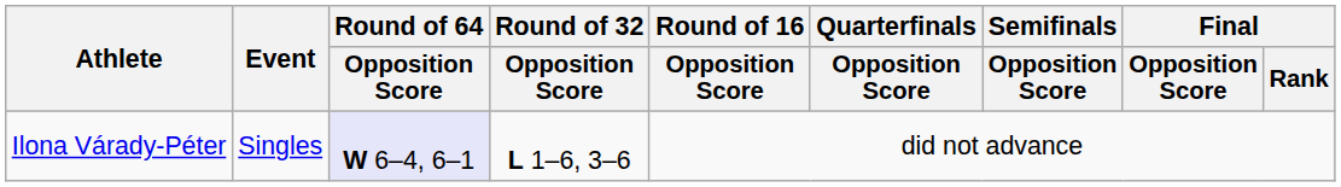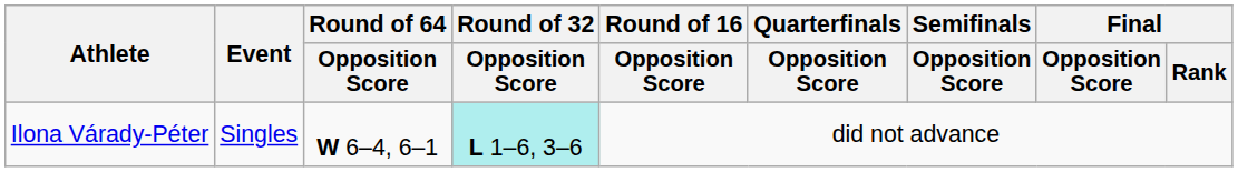 <table class=wikitable style="font-size:90%">
 <tr>
 <th rowspan=2>Athlete</th>
 <th rowspan=2>Event</th>
 <th>Round of 64</th>
 <th>Round of 32</th>
 <th>Round of 16</th>
 <th>Quarterfinals</th>
 <th>Semifinals</th>
 <th colspan=2>Final</th>
 </tr>
 <tr style="font-size:95%">
 <th>Opposition<br>Score</th>
 <th>Opposition<br>Score</th>
 <th>Opposition<br>Score</th>
 <th>Opposition<br>Score</th>
 <th>Opposition<br>Score</th>
 <th>Opposition<br>Score</th>
 <th>Rank</th>
 </tr>
 <tr align=center>
 <td align=left><a href='#'>Ilona Várady-Péter</a></td>
 <td align=left><a href='#'>Singles</a></td>
-<td style="background: lavender;"><br> <strong>W</strong> 6–4, 6–1</td>
-<td><br> <strong>L</strong> 1–6, 3–6</td>
+<td><br> <strong>W</strong> 6–4, 6–1</td>
+<td style="background: paleturquoise;"><br> <strong>L</strong> 1–6, 3–6</td>
 <td colspan=5>did not advance</td>
 </tr>
 </table>
